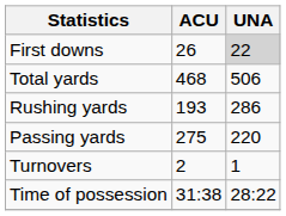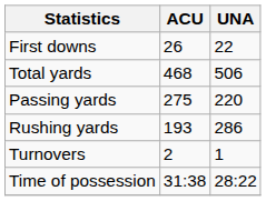 <table class="wikitable" style="float: left;">
 <tr>
 <th>Statistics</th>
 <th>ACU</th>
 <th>UNA</th>
 </tr>
 <tr>
 <td>First downs</td>
 <td>26</td>
-<td style="background: lightgrey;">22</td>
+<td>22</td>
 </tr>
 <tr>
 <td>Total yards</td>
 <td>468</td>
 <td>506</td>
 </tr>
 <tr>
+<td>Passing yards</td>
+<td>275</td>
+<td>220</td>
+</tr>
+<tr>
 <td>Rushing yards</td>
 <td>193</td>
 <td>286</td>
-</tr>
-<tr>
-<td>Passing yards</td>
-<td>275</td>
-<td>220</td>
 </tr>
 <tr>
 <td>Turnovers</td>
 <td>2</td>
 <td>1</td>
 </tr>
 <tr>
 <td>Time of possession</td>
 <td>31:38</td>
 <td>28:22</td>
 </tr>
 <tr>
 </tr>
 </table>
